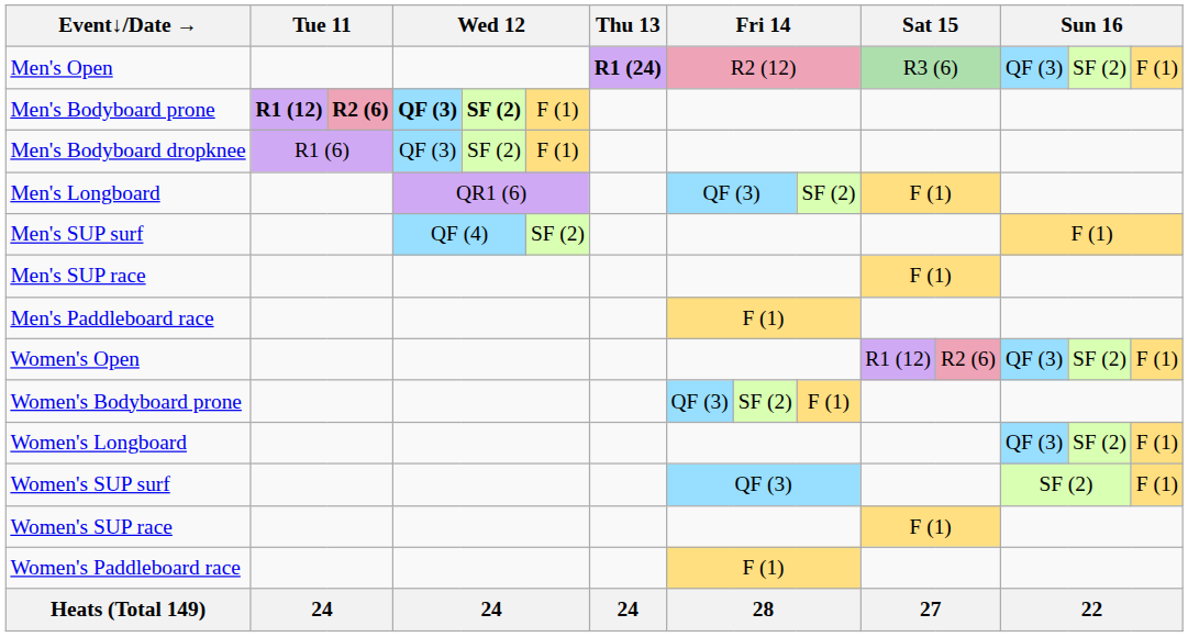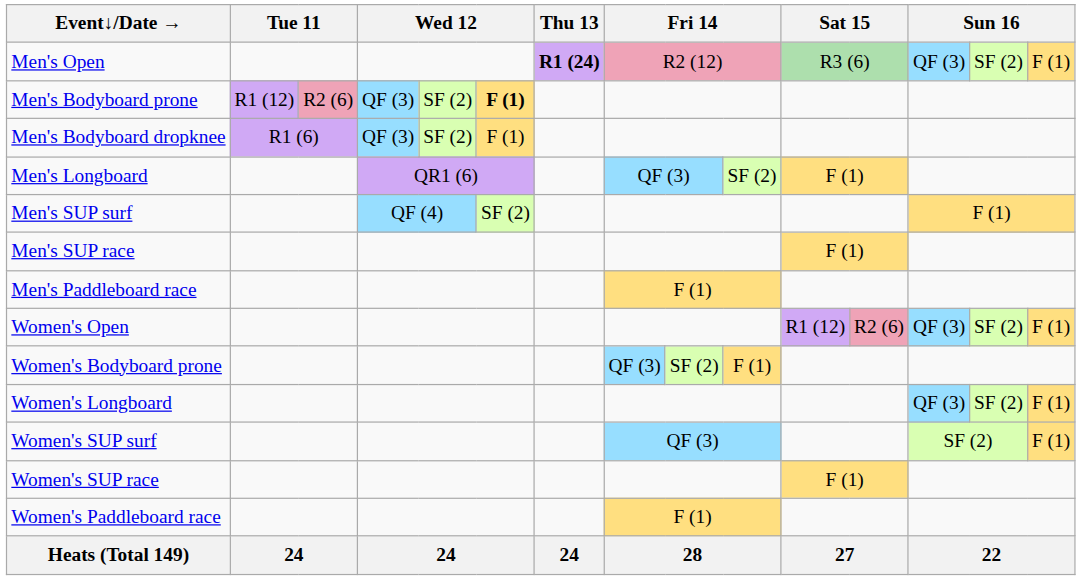 <table class="wikitable" style="margin:0.5em auto; line-height:1.5em;">
 <tr>
 <th>Event↓/Date →</th>
 <th colspan=2>Tue 11</th>
 <th colspan=3>Wed 12</th>
 <th>Thu 13</th>
 <th colspan=3>Fri 14</th>
 <th colspan=2>Sat 15</th>
 <th colspan=3>Sun 16</th>
 </tr>
 <tr align=center>
 <td align=left><a href='#'>Men's Open</a></td>
 <td colspan=2></td>
 <td colspan=3></td>
 <td style="background-color:#D0A9F5;"><strong>R1 (24)</strong></td>
 <td colspan=3 style="background-color:#EFA3B7;">R2 (12)</td>
 <td colspan=2 style="background-color:#ADDFAD;">R3 (6)</td>
 <td style="background-color:#97DEFF;">QF (3)</td>
 <td style="background-color:#D9FFB2;">SF (2)</td>
 <td style="background-color:#FFDF80;">F (1)</td>
 </tr>
 <tr align=center>
 <td align=left><a href='#'>Men's Bodyboard prone</a></td>
-<td style="background-color:#D0A9F5;"><strong>R1 (12)</strong></td>
-<td style="background-color:#EFA3B7;"><strong>R2 (6)</strong></td>
-<td style="background-color:#97DEFF;"><strong>QF (3)</strong></td>
-<td style="background-color:#D9FFB2;"><strong>SF (2)</strong></td>
-<td style="background-color:#FFDF80;">F (1)</td>
+<td style="background-color:#D0A9F5;">R1 (12)</td>
+<td style="background-color:#EFA3B7;">R2 (6)</td>
+<td style="background-color:#97DEFF;">QF (3)</td>
+<td style="background-color:#D9FFB2;">SF (2)</td>
+<td style="background-color:#FFDF80;"><strong>F (1)</strong></td>
 <td></td>
 <td colspan=3></td>
 <td colspan=2></td>
 <td colspan=3></td>
 </tr>
 <tr align=center>
 <td align=left><a href='#'>Men's Bodyboard dropknee</a></td>
 <td colspan=2 style="background-color:#D0A9F5;">R1 (6)</td>
 <td style="background-color:#97DEFF;">QF (3)</td>
 <td style="background-color:#D9FFB2;">SF (2)</td>
 <td style="background-color:#FFDF80;">F (1)</td>
 <td></td>
 <td colspan=3></td>
 <td colspan=2></td>
 <td colspan=3></td>
 </tr>
 <tr align=center>
 <td align=left><a href='#'>Men's Longboard</a></td>
 <td colspan=2></td>
 <td colspan=3 style="background-color:#D0A9F5;">QR1 (6)</td>
 <td></td>
 <td colspan=2 style="background-color:#97DEFF;">QF (3)</td>
 <td style="background-color:#D9FFB2;">SF (2)</td>
 <td colspan=2 style="background-color:#FFDF80;">F (1)</td>
 <td colspan=3></td>
 </tr>
 <tr align=center>
 <td align=left><a href='#'>Men's SUP surf</a></td>
 <td colspan=2></td>
 <td colspan=2 style="background-color:#97DEFF;">QF (4)</td>
 <td style="background-color:#D9FFB2;">SF (2)</td>
 <td></td>
 <td colspan=3></td>
 <td colspan=2></td>
 <td colspan=3 style="background-color:#FFDF80;">F (1)</td>
 </tr>
 <tr align=center>
 <td align=left><a href='#'>Men's SUP race</a></td>
 <td colspan=2></td>
 <td colspan=3></td>
 <td></td>
 <td colspan=3></td>
 <td colspan=2 style="background-color:#FFDF80;">F (1)</td>
 <td colspan=3></td>
 </tr>
 <tr align=center>
 <td align=left><a href='#'>Men's Paddleboard race</a></td>
 <td colspan=2></td>
 <td colspan=3></td>
 <td></td>
 <td colspan=3 style="background-color:#FFDF80;">F (1)</td>
 <td colspan=2></td>
 <td colspan=3></td>
 </tr>
 <tr align=center>
 <td align=left><a href='#'>Women's Open</a></td>
 <td colspan=2></td>
 <td colspan=3></td>
 <td></td>
 <td colspan=3></td>
 <td style="background-color:#D0A9F5;">R1 (12)</td>
 <td style="background-color:#EFA3B7;">R2 (6)</td>
 <td style="background-color:#97DEFF;">QF (3)</td>
 <td style="background-color:#D9FFB2;">SF (2)</td>
 <td style="background-color:#FFDF80;">F (1)</td>
 </tr>
 <tr align=center>
 <td align=left><a href='#'>Women's Bodyboard prone</a></td>
 <td colspan=2></td>
 <td colspan=3></td>
 <td></td>
 <td style="background-color:#97DEFF;">QF (3)</td>
 <td style="background-color:#D9FFB2;">SF (2)</td>
 <td style="background-color:#FFDF80;">F (1)</td>
 <td colspan=2></td>
 <td colspan=3></td>
 </tr>
 <tr align=center>
 <td align=left><a href='#'>Women's Longboard</a></td>
 <td colspan=2></td>
 <td colspan=3></td>
 <td></td>
 <td colspan=3></td>
 <td colspan=2></td>
 <td style="background-color:#97DEFF;">QF (3)</td>
 <td style="background-color:#D9FFB2;">SF (2)</td>
 <td style="background-color:#FFDF80;">F (1)</td>
 </tr>
 <tr align=center>
 <td align=left><a href='#'>Women's SUP surf</a></td>
 <td colspan=2></td>
 <td colspan=3></td>
 <td></td>
 <td colspan=3 style="background-color:#97DEFF;">QF (3)</td>
 <td colspan=2></td>
 <td colspan=2 style="background-color:#D9FFB2;">SF (2)</td>
 <td style="background-color:#FFDF80;">F (1)</td>
 </tr>
 <tr align=center>
 <td align=left><a href='#'>Women's SUP race</a></td>
 <td colspan=2></td>
 <td colspan=3></td>
 <td></td>
 <td colspan=3></td>
 <td colspan=2 style="background-color:#FFDF80;">F (1)</td>
 <td colspan=3></td>
 </tr>
 <tr align=center>
 <td align=left><a href='#'>Women's Paddleboard race</a></td>
 <td colspan=2></td>
 <td colspan=3></td>
 <td></td>
 <td colspan=3 style="background-color:#FFDF80;">F (1)</td>
 <td colspan=2></td>
 <td colspan=3></td>
 </tr>
 <tr>
 <th>Heats (Total 149)</th>
 <th colspan=2>24</th>
 <th colspan=3>24</th>
 <th>24</th>
 <th colspan=3>28</th>
 <th colspan=2>27</th>
 <th colspan=3>22</th>
 </tr>
 </table>
